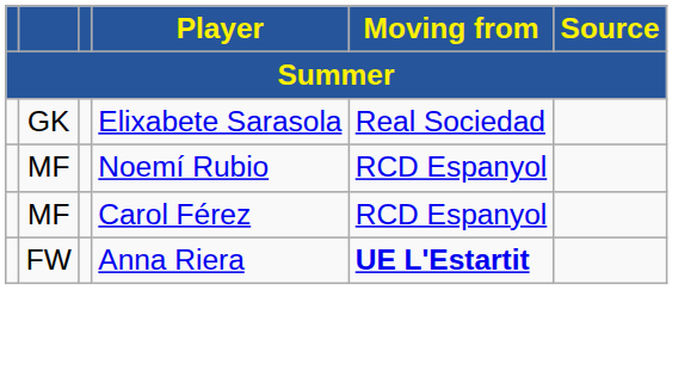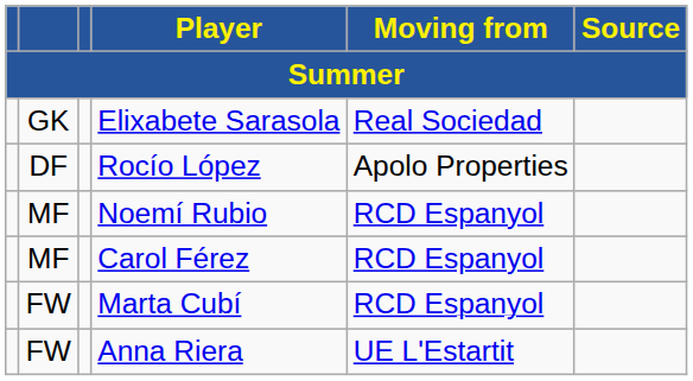 <table class="wikitable plainrowheaders sortable" style="text-align:center">
 <tr>
 <th style="background:#26559B; color:#FFF000; "></th>
 <th style="background:#26559B; color:#FFF000; "></th>
 <th style="background:#26559B; color:#FFF000; "></th>
 <th style="background:#26559B; color:#FFF000; ">Player</th>
 <th style="background:#26559B; color:#FFF000; ">Moving from</th>
 <th style="background:#26559B; color:#FFF000; ">Source</th>
 </tr>
 <tr>
 <th colspan="6" style="background:#26559B; color:#FFF000; ">Summer</th>
 </tr>
 <tr>
 <td></td>
 <td>GK</td>
 <td></td>
 <td align="left"><a href='#'>Elixabete Sarasola</a></td>
 <td align="left"><a href='#'>Real Sociedad</a></td>
 <td></td>
 </tr>
 <tr>
 <td></td>
+<td>DF</td>
+<td></td>
+<td align="left"><a href='#'>Rocío López</a></td>
+<td align="left">Apolo Properties</td>
+<td></td>
+</tr>
+<tr>
+<td></td>
 <td>MF</td>
 <td></td>
 <td align="left"><a href='#'>Noemí Rubio</a></td>
 <td align="left"><a href='#'>RCD Espanyol</a></td>
 <td></td>
 </tr>
 <tr>
 <td></td>
 <td>MF</td>
 <td></td>
 <td align="left"><a href='#'>Carol Férez</a></td>
 <td align="left"><a href='#'>RCD Espanyol</a></td>
 <td></td>
 </tr>
 <tr>
 <td></td>
 <td>FW</td>
 <td></td>
+<td align="left"><a href='#'>Marta Cubí</a></td>
+<td align="left"><a href='#'>RCD Espanyol</a></td>
+<td></td>
+</tr>
+<tr>
+<td></td>
+<td>FW</td>
+<td></td>
 <td align="left"><a href='#'>Anna Riera</a></td>
-<td align="left"><strong><a href='#'>UE L'Estartit</a></strong></td>
+<td align="left"><a href='#'>UE L'Estartit</a></td>
 <td></td>
 </tr>
 </table>
